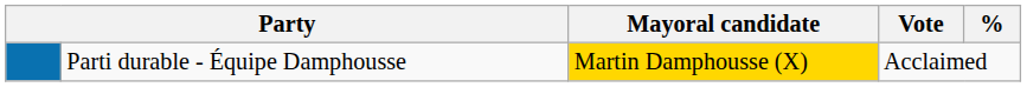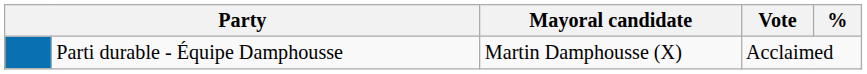 <table class="wikitable">
 <tr>
 <th bgcolor="#DDDDFF" width="370px" colspan="2">Party</th>
 <th bgcolor="#DDDDFF" width="200px">Mayoral candidate</th>
 <th bgcolor="#DDDDFF" width="50px">Vote</th>
 <th bgcolor="#DDDDFF" width="30px">%</th>
 </tr>
 <tr>
 <td bgcolor=#0971B0  width="30px"> </td>
 <td>Parti durable - Équipe Damphousse</td>
-<td style="background: gold;">Martin Damphousse (X)</td>
+<td>Martin Damphousse (X)</td>
 <td colspan="2">Acclaimed</td>
 </tr>
 </table>
